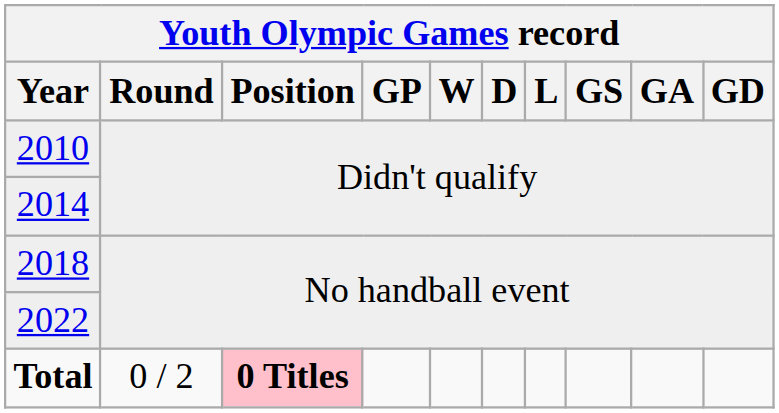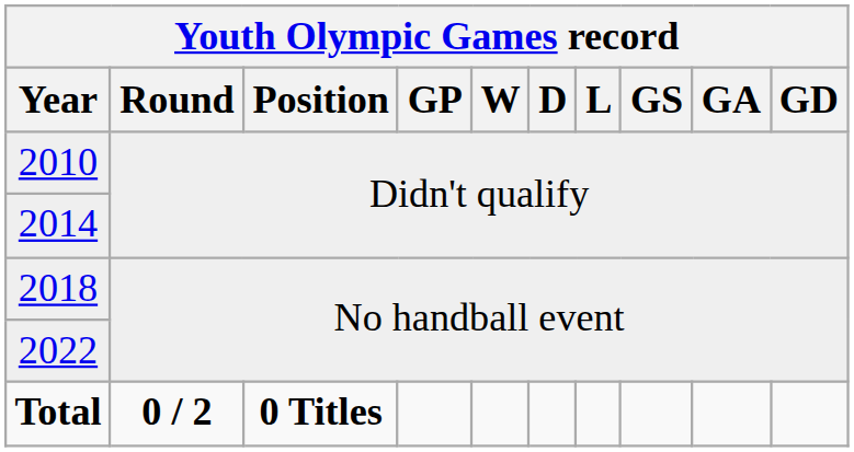 <table class="wikitable" style="text-align: center;">
 <tr>
 <th colspan=10><a href='#'>Youth Olympic Games</a> record</th>
 </tr>
 <tr>
 <th>Year</th>
 <th>Round</th>
 <th>Position</th>
 <th>GP</th>
 <th>W</th>
 <th>D</th>
 <th>L</th>
 <th>GS</th>
 <th>GA</th>
 <th>GD</th>
 </tr>
 <tr bgcolor="efefef">
 <td> <a href='#'>2010</a></td>
 <td Colspan=10 rowspan=2>Didn't qualify</td>
 </tr>
 <tr bgcolor="efefef">
 <td> <a href='#'>2014</a></td>
 </tr>
 <tr bgcolor="efefef">
 <td> <a href='#'>2018</a></td>
 <td colspan=10 rowspan=2>No handball event</td>
 </tr>
 <tr bgcolor="efefef">
 <td> <a href='#'>2022</a></td>
 </tr>
 <tr>
 <td><strong>Total</strong></td>
-<td>0 / 2</td>
-<td style="background: pink;"><strong>0 Titles</strong></td>
+<td><strong>0 / 2</strong></td>
+<td><strong>0 Titles</strong></td>
 <td></td>
 <td></td>
 <td></td>
 <td></td>
 <td></td>
 <td></td>
 <td></td>
 </tr>
 </table>
